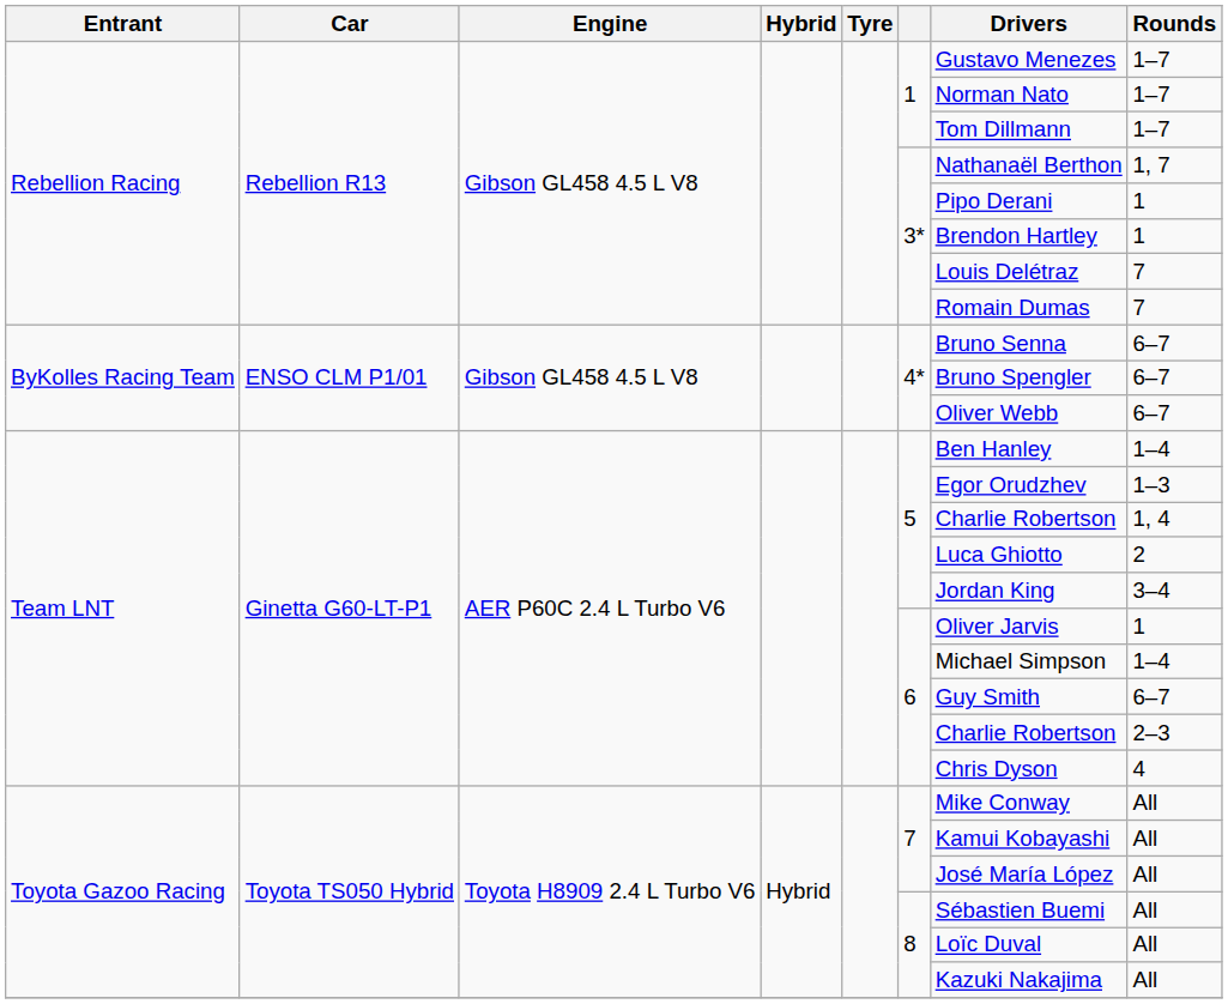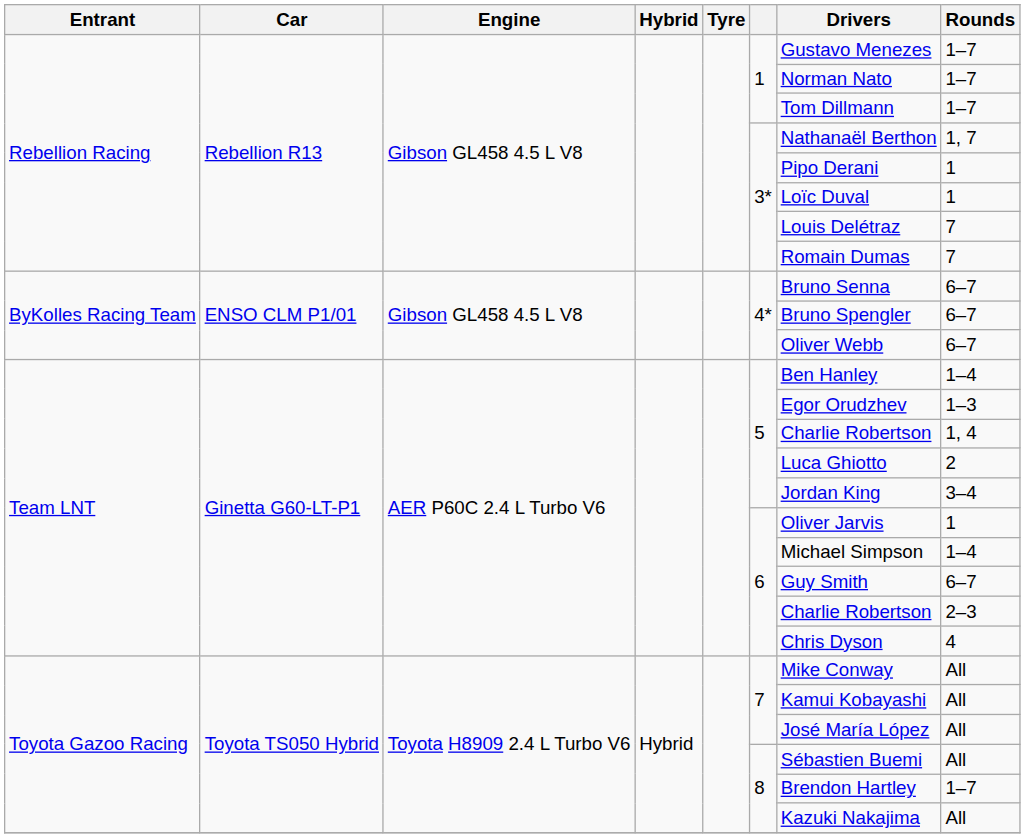 <table class="wikitable" style="font-size: 90%">
 <tr>
 <th>Entrant</th>
 <th>Car</th>
 <th>Engine</th>
 <th>Hybrid</th>
 <th>Tyre</th>
 <th></th>
 <th>Drivers</th>
 <th>Rounds</th>
 </tr>
 <tr>
 <td rowspan=8> <a href='#'>Rebellion Racing</a></td>
 <td rowspan=8><a href='#'>Rebellion R13</a></td>
 <td rowspan=8><a href='#'>Gibson</a> GL458 4.5 L V8</td>
 <td rowspan=8></td>
 <td rowspan=8></td>
 <td rowspan=3>1</td>
 <td> <a href='#'>Gustavo Menezes</a></td>
 <td>1–7</td>
 </tr>
 <tr>
 <td> <a href='#'>Norman Nato</a></td>
 <td>1–7</td>
 </tr>
 <tr>
 <td> <a href='#'>Tom Dillmann</a></td>
 <td>1–7</td>
 </tr>
 <tr>
 <td rowspan=5>3*</td>
 <td> <a href='#'>Nathanaël Berthon</a></td>
 <td>1, 7</td>
 </tr>
 <tr>
 <td> <a href='#'>Pipo Derani</a></td>
 <td>1</td>
 </tr>
 <tr>
-<td> <a href='#'>Brendon Hartley</a></td>
+<td> <a href='#'>Loïc Duval</a></td>
 <td>1</td>
 </tr>
 <tr>
 <td> <a href='#'>Louis Delétraz</a></td>
 <td>7</td>
 </tr>
 <tr>
 <td> <a href='#'>Romain Dumas</a></td>
 <td>7</td>
 </tr>
 <tr>
 <td rowspan=3> <a href='#'>ByKolles Racing Team</a></td>
 <td rowspan=3><a href='#'>ENSO CLM P1/01</a></td>
 <td rowspan=3><a href='#'>Gibson</a> GL458 4.5 L V8</td>
 <td rowspan=3></td>
 <td rowspan=3></td>
 <td rowspan=3>4*</td>
 <td> <a href='#'>Bruno Senna</a></td>
 <td>6–7</td>
 </tr>
 <tr>
 <td> <a href='#'>Bruno Spengler</a></td>
 <td>6–7</td>
 </tr>
 <tr>
 <td> <a href='#'>Oliver Webb</a></td>
 <td>6–7</td>
 </tr>
 <tr>
 <td rowspan="10"> <a href='#'>Team LNT</a></td>
 <td rowspan="10"><a href='#'>Ginetta G60-LT-P1</a></td>
 <td rowspan="10"><a href='#'>AER</a> P60C 2.4 L Turbo V6</td>
 <td rowspan="10"></td>
 <td rowspan="10"></td>
 <td rowspan=5>5</td>
 <td> <a href='#'>Ben Hanley</a></td>
 <td>1–4</td>
 </tr>
 <tr>
 <td> <a href='#'>Egor Orudzhev</a></td>
 <td>1–3</td>
 </tr>
 <tr>
 <td> <a href='#'>Charlie Robertson</a></td>
 <td>1, 4</td>
 </tr>
 <tr>
 <td> <a href='#'>Luca Ghiotto</a></td>
 <td>2</td>
 </tr>
 <tr>
 <td> <a href='#'>Jordan King</a></td>
 <td>3–4</td>
 </tr>
 <tr>
 <td rowspan="5">6</td>
 <td> <a href='#'>Oliver Jarvis</a></td>
 <td>1</td>
 </tr>
 <tr>
 <td> Michael Simpson</td>
 <td>1–4</td>
 </tr>
 <tr>
 <td> <a href='#'>Guy Smith</a></td>
 <td>6–7</td>
 </tr>
 <tr>
 <td> <a href='#'>Charlie Robertson</a></td>
 <td>2–3</td>
 </tr>
 <tr>
 <td> <a href='#'>Chris Dyson</a></td>
 <td>4</td>
 </tr>
 <tr>
 <td rowspan=6> <a href='#'>Toyota Gazoo Racing</a></td>
 <td rowspan=6><a href='#'>Toyota TS050 Hybrid</a></td>
 <td rowspan=6><a href='#'>Toyota</a> <a href='#'>H8909</a> 2.4 L Turbo V6</td>
 <td rowspan=6>Hybrid</td>
 <td rowspan=6></td>
 <td rowspan=3>7</td>
 <td> <a href='#'>Mike Conway</a></td>
 <td>All</td>
 </tr>
 <tr>
 <td> <a href='#'>Kamui Kobayashi</a></td>
 <td>All</td>
 </tr>
 <tr>
 <td> <a href='#'>José María López</a></td>
 <td>All</td>
 </tr>
 <tr>
 <td rowspan=3>8</td>
 <td> <a href='#'>Sébastien Buemi</a></td>
 <td>All</td>
 </tr>
 <tr>
-<td> <a href='#'>Loïc Duval</a></td>
-<td>All</td>
+<td> <a href='#'>Brendon Hartley</a></td>
+<td>1–7</td>
 </tr>
 <tr>
 <td> <a href='#'>Kazuki Nakajima</a></td>
 <td>All</td>
 </tr>
 <tr>
 </tr>
 </table>
